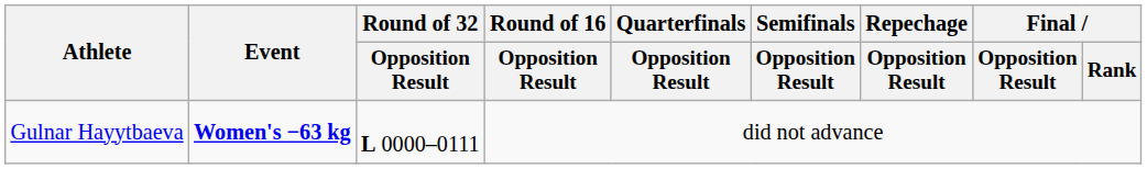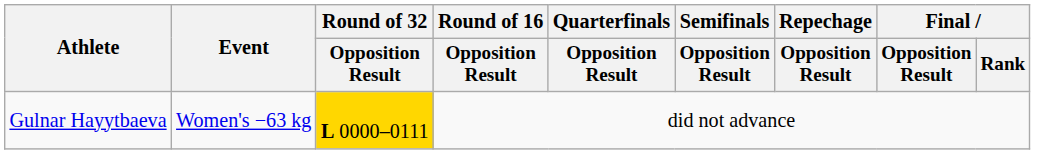 <table class="wikitable" style="font-size:90%">
 <tr>
 <th rowspan=2>Athlete</th>
 <th rowspan=2>Event</th>
 <th>Round of 32</th>
 <th>Round of 16</th>
 <th>Quarterfinals</th>
 <th>Semifinals</th>
 <th>Repechage</th>
 <th colspan=2>Final / </th>
 </tr>
 <tr style="font-size:95%">
 <th>Opposition<br>Result</th>
 <th>Opposition<br>Result</th>
 <th>Opposition<br>Result</th>
 <th>Opposition<br>Result</th>
 <th>Opposition<br>Result</th>
 <th>Opposition<br>Result</th>
 <th>Rank</th>
 </tr>
 <tr align=center>
 <td align=left><a href='#'>Gulnar Hayytbaeva</a></td>
-<td align=left><strong><a href='#'>Women's −63 kg</a></strong></td>
-<td><br><strong>L</strong> 0000–0111</td>
+<td align=left><a href='#'>Women's −63 kg</a></td>
+<td style="background: gold;"><br><strong>L</strong> 0000–0111</td>
 <td colspan=6>did not advance</td>
 </tr>
 </table>
